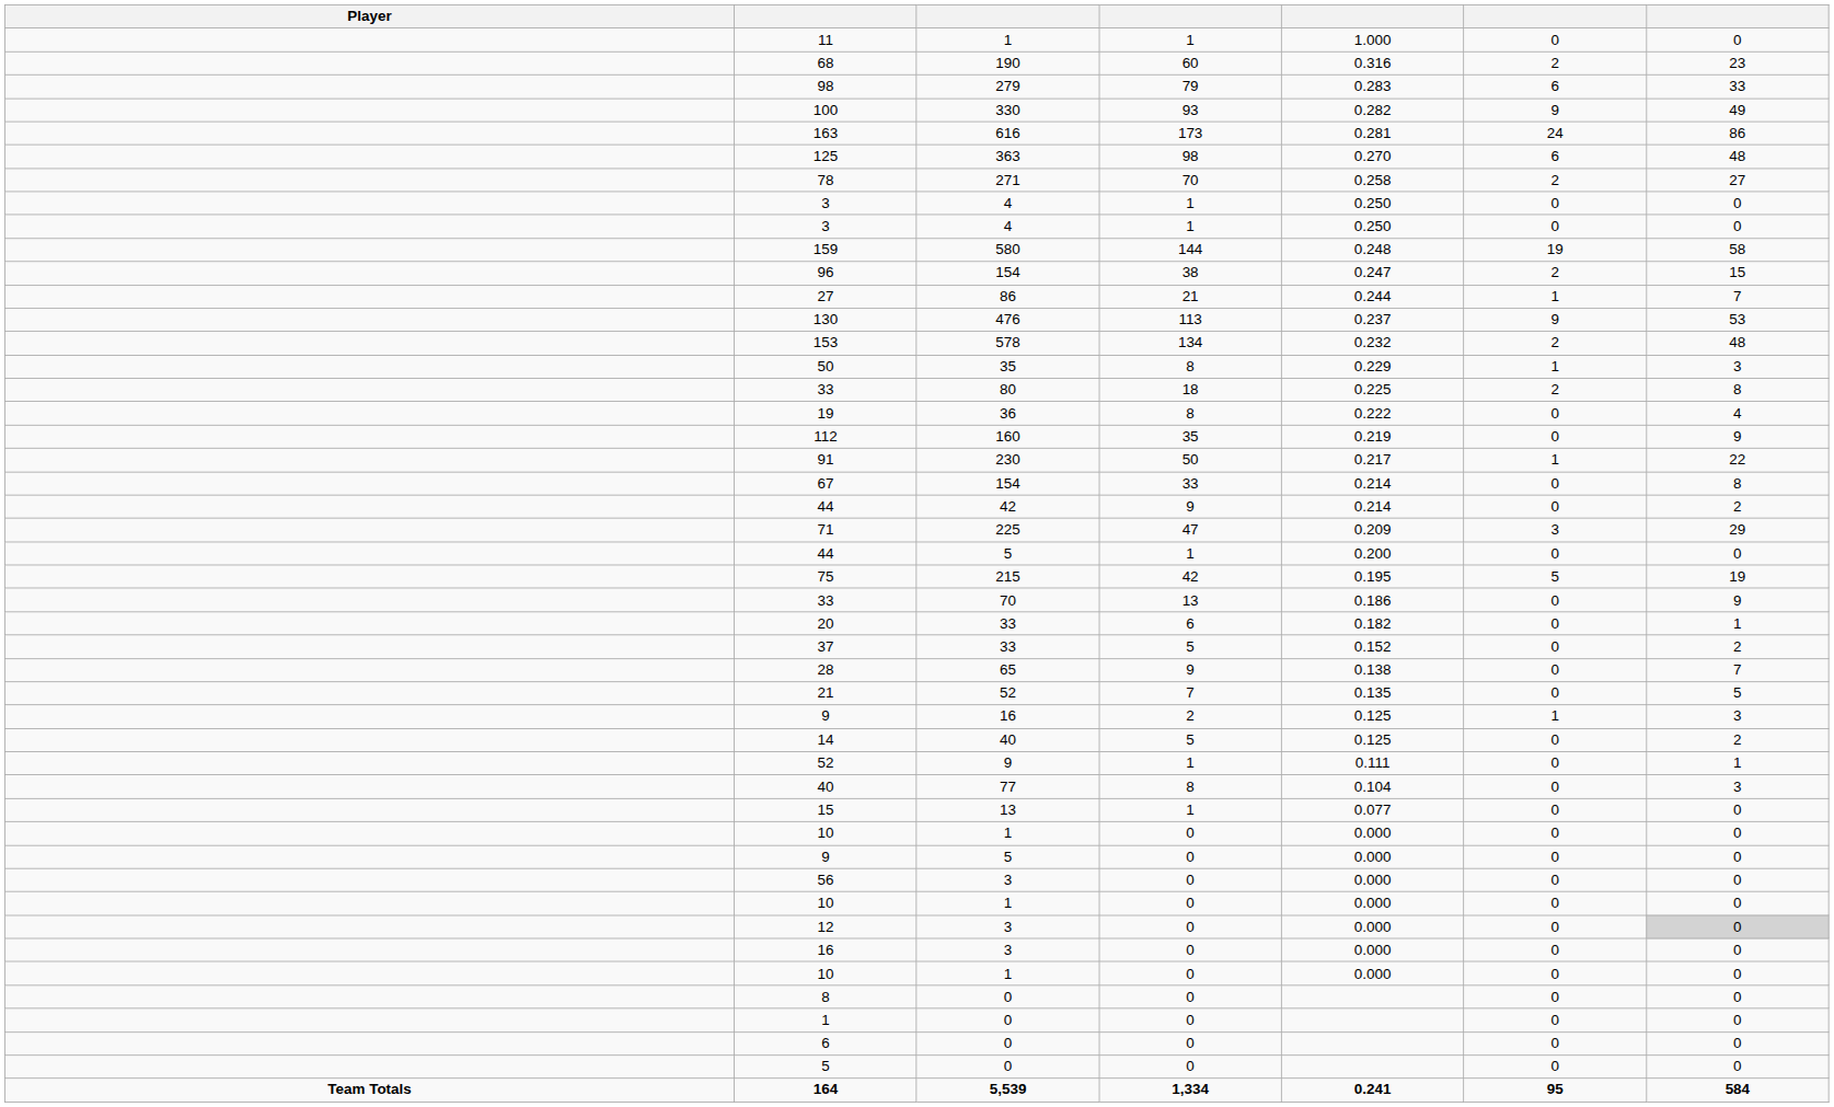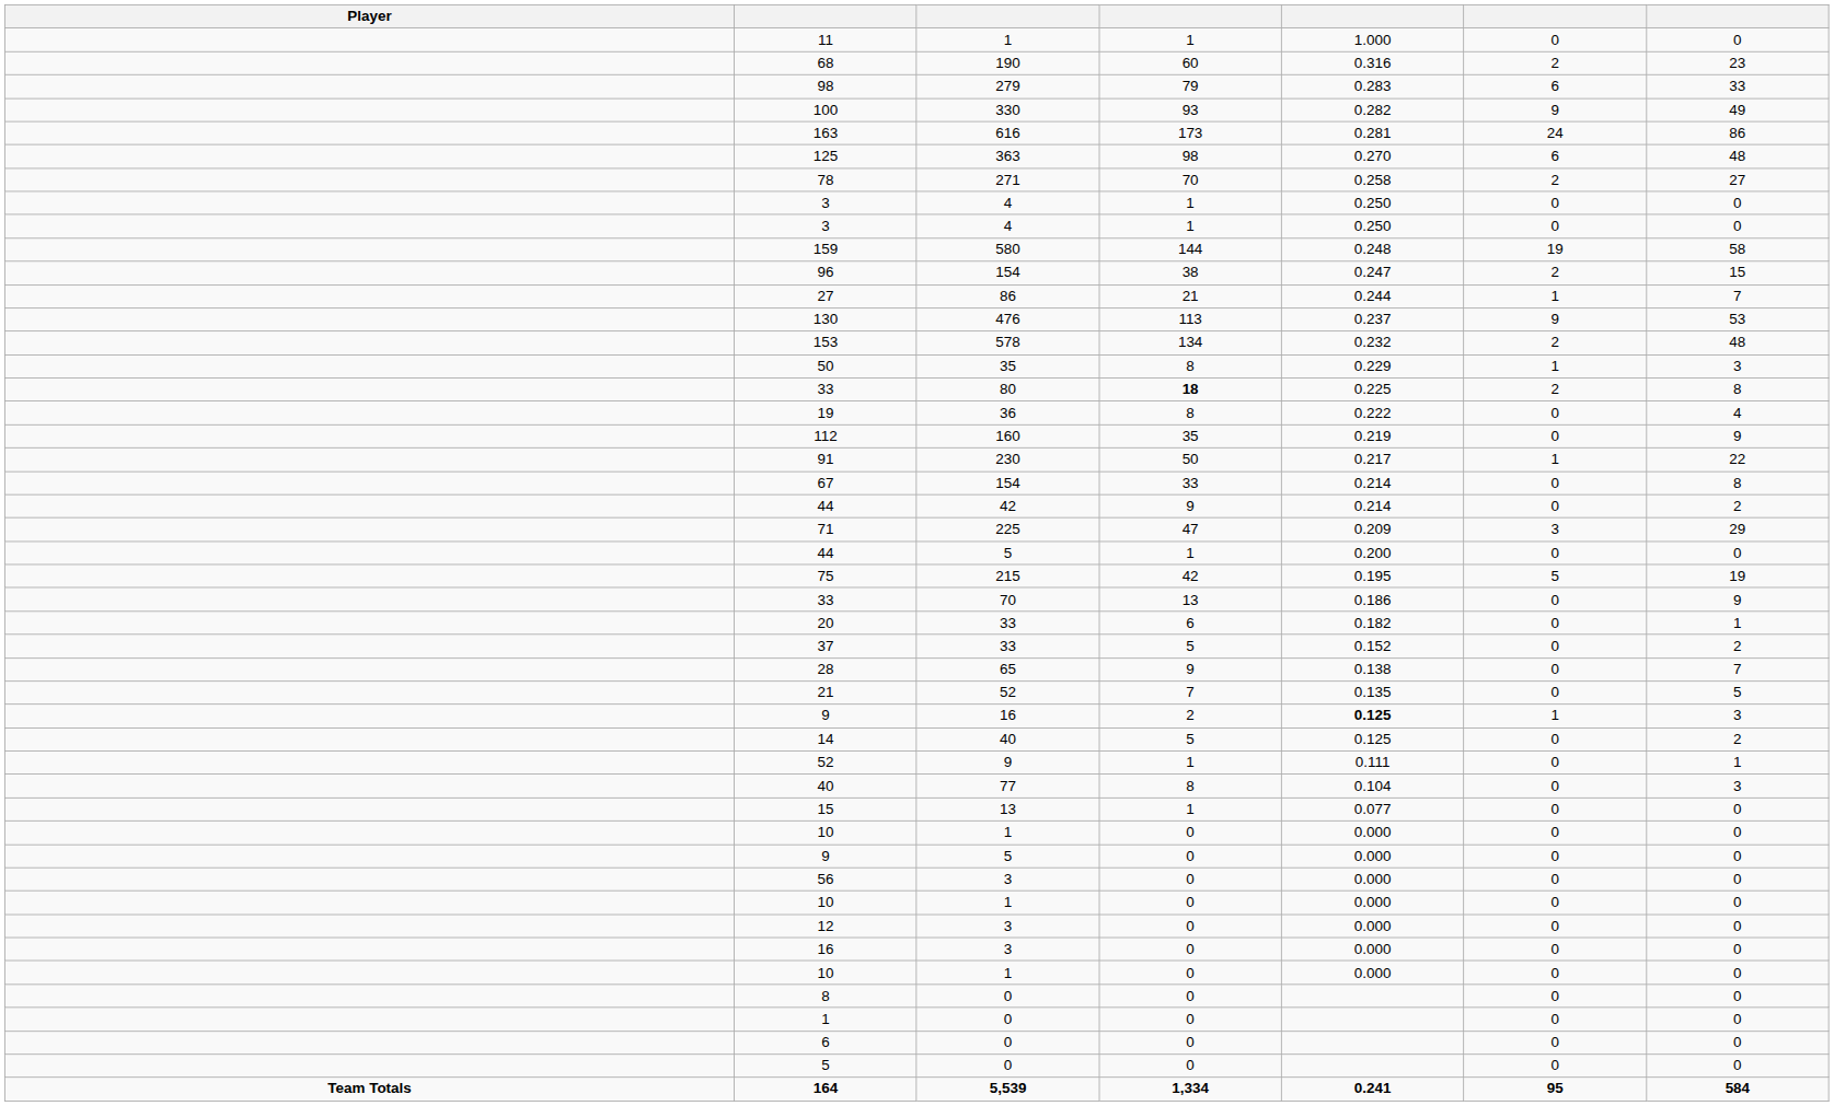 <table class="wikitable sortable" style="text-align:center;" width="100%">
 <tr>
 <th width="40%">Player</th>
 <th width="10%"></th>
 <th width="10%"></th>
 <th width="10%"></th>
 <th width="10%"></th>
 <th width="10%"></th>
 <th width="10%"></th>
 </tr>
 <tr>
 <td></td>
 <td>11</td>
 <td>1</td>
 <td>1</td>
 <td>1.000</td>
 <td>0</td>
 <td>0</td>
 </tr>
 <tr>
 <td></td>
 <td>68</td>
 <td>190</td>
 <td>60</td>
 <td>0.316</td>
 <td>2</td>
 <td>23</td>
 </tr>
 <tr>
 <td></td>
 <td>98</td>
 <td>279</td>
 <td>79</td>
 <td>0.283</td>
 <td>6</td>
 <td>33</td>
 </tr>
 <tr>
 <td></td>
 <td>100</td>
 <td>330</td>
 <td>93</td>
 <td>0.282</td>
 <td>9</td>
 <td>49</td>
 </tr>
 <tr>
 <td></td>
 <td>163</td>
 <td>616</td>
 <td>173</td>
 <td>0.281</td>
 <td>24</td>
 <td>86</td>
 </tr>
 <tr>
 <td></td>
 <td>125</td>
 <td>363</td>
 <td>98</td>
 <td>0.270</td>
 <td>6</td>
 <td>48</td>
 </tr>
 <tr>
 <td></td>
 <td>78</td>
 <td>271</td>
 <td>70</td>
 <td>0.258</td>
 <td>2</td>
 <td>27</td>
 </tr>
 <tr>
 <td></td>
 <td>3</td>
 <td>4</td>
 <td>1</td>
 <td>0.250</td>
 <td>0</td>
 <td>0</td>
 </tr>
 <tr>
 <td></td>
 <td>3</td>
 <td>4</td>
 <td>1</td>
 <td>0.250</td>
 <td>0</td>
 <td>0</td>
 </tr>
 <tr>
 <td></td>
 <td>159</td>
 <td>580</td>
 <td>144</td>
 <td>0.248</td>
 <td>19</td>
 <td>58</td>
 </tr>
 <tr>
 <td></td>
 <td>96</td>
 <td>154</td>
 <td>38</td>
 <td>0.247</td>
 <td>2</td>
 <td>15</td>
 </tr>
 <tr>
 <td></td>
 <td>27</td>
 <td>86</td>
 <td>21</td>
 <td>0.244</td>
 <td>1</td>
 <td>7</td>
 </tr>
 <tr>
 <td></td>
 <td>130</td>
 <td>476</td>
 <td>113</td>
 <td>0.237</td>
 <td>9</td>
 <td>53</td>
 </tr>
 <tr>
 <td></td>
 <td>153</td>
 <td>578</td>
 <td>134</td>
 <td>0.232</td>
 <td>2</td>
 <td>48</td>
 </tr>
 <tr>
 <td></td>
 <td>50</td>
 <td>35</td>
 <td>8</td>
 <td>0.229</td>
 <td>1</td>
 <td>3</td>
 </tr>
 <tr>
 <td></td>
 <td>33</td>
 <td>80</td>
-<td>18</td>
+<td><strong>18</strong></td>
 <td>0.225</td>
 <td>2</td>
 <td>8</td>
 </tr>
 <tr>
 <td></td>
 <td>19</td>
 <td>36</td>
 <td>8</td>
 <td>0.222</td>
 <td>0</td>
 <td>4</td>
 </tr>
 <tr>
 <td></td>
 <td>112</td>
 <td>160</td>
 <td>35</td>
 <td>0.219</td>
 <td>0</td>
 <td>9</td>
 </tr>
 <tr>
 <td></td>
 <td>91</td>
 <td>230</td>
 <td>50</td>
 <td>0.217</td>
 <td>1</td>
 <td>22</td>
 </tr>
 <tr>
 <td></td>
 <td>67</td>
 <td>154</td>
 <td>33</td>
 <td>0.214</td>
 <td>0</td>
 <td>8</td>
 </tr>
 <tr>
 <td></td>
 <td>44</td>
 <td>42</td>
 <td>9</td>
 <td>0.214</td>
 <td>0</td>
 <td>2</td>
 </tr>
 <tr>
 <td></td>
 <td>71</td>
 <td>225</td>
 <td>47</td>
 <td>0.209</td>
 <td>3</td>
 <td>29</td>
 </tr>
 <tr>
 <td></td>
 <td>44</td>
 <td>5</td>
 <td>1</td>
 <td>0.200</td>
 <td>0</td>
 <td>0</td>
 </tr>
 <tr>
 <td></td>
 <td>75</td>
 <td>215</td>
 <td>42</td>
 <td>0.195</td>
 <td>5</td>
 <td>19</td>
 </tr>
 <tr>
 <td></td>
 <td>33</td>
 <td>70</td>
 <td>13</td>
 <td>0.186</td>
 <td>0</td>
 <td>9</td>
 </tr>
 <tr>
 <td></td>
 <td>20</td>
 <td>33</td>
 <td>6</td>
 <td>0.182</td>
 <td>0</td>
 <td>1</td>
 </tr>
 <tr>
 <td></td>
 <td>37</td>
 <td>33</td>
 <td>5</td>
 <td>0.152</td>
 <td>0</td>
 <td>2</td>
 </tr>
 <tr>
 <td></td>
 <td>28</td>
 <td>65</td>
 <td>9</td>
 <td>0.138</td>
 <td>0</td>
 <td>7</td>
 </tr>
 <tr>
 <td></td>
 <td>21</td>
 <td>52</td>
 <td>7</td>
 <td>0.135</td>
 <td>0</td>
 <td>5</td>
 </tr>
 <tr>
 <td></td>
 <td>9</td>
 <td>16</td>
 <td>2</td>
-<td>0.125</td>
+<td><strong>0.125</strong></td>
 <td>1</td>
 <td>3</td>
 </tr>
 <tr>
 <td></td>
 <td>14</td>
 <td>40</td>
 <td>5</td>
 <td>0.125</td>
 <td>0</td>
 <td>2</td>
 </tr>
 <tr>
 <td></td>
 <td>52</td>
 <td>9</td>
 <td>1</td>
 <td>0.111</td>
 <td>0</td>
 <td>1</td>
 </tr>
 <tr>
 <td></td>
 <td>40</td>
 <td>77</td>
 <td>8</td>
 <td>0.104</td>
 <td>0</td>
 <td>3</td>
 </tr>
 <tr>
 <td></td>
 <td>15</td>
 <td>13</td>
 <td>1</td>
 <td>0.077</td>
 <td>0</td>
 <td>0</td>
 </tr>
 <tr>
 <td></td>
 <td>10</td>
 <td>1</td>
 <td>0</td>
 <td>0.000</td>
 <td>0</td>
 <td>0</td>
 </tr>
 <tr>
 <td></td>
 <td>9</td>
 <td>5</td>
 <td>0</td>
 <td>0.000</td>
 <td>0</td>
 <td>0</td>
 </tr>
 <tr>
 <td></td>
 <td>56</td>
 <td>3</td>
 <td>0</td>
 <td>0.000</td>
 <td>0</td>
 <td>0</td>
 </tr>
 <tr>
 <td></td>
 <td>10</td>
 <td>1</td>
 <td>0</td>
 <td>0.000</td>
 <td>0</td>
 <td>0</td>
 </tr>
 <tr>
 <td></td>
 <td>12</td>
 <td>3</td>
 <td>0</td>
 <td>0.000</td>
 <td>0</td>
-<td style="background: lightgrey;">0</td>
+<td>0</td>
 </tr>
 <tr>
 <td></td>
 <td>16</td>
 <td>3</td>
 <td>0</td>
 <td>0.000</td>
 <td>0</td>
 <td>0</td>
 </tr>
 <tr>
 <td></td>
 <td>10</td>
 <td>1</td>
 <td>0</td>
 <td>0.000</td>
 <td>0</td>
 <td>0</td>
 </tr>
 <tr>
 <td></td>
 <td>8</td>
 <td>0</td>
 <td>0</td>
 <td></td>
 <td>0</td>
 <td>0</td>
 </tr>
 <tr>
 <td></td>
 <td>1</td>
 <td>0</td>
 <td>0</td>
 <td></td>
 <td>0</td>
 <td>0</td>
 </tr>
 <tr>
 <td></td>
 <td>6</td>
 <td>0</td>
 <td>0</td>
 <td></td>
 <td>0</td>
 <td>0</td>
 </tr>
 <tr>
 <td></td>
 <td>5</td>
 <td>0</td>
 <td>0</td>
 <td></td>
 <td>0</td>
 <td>0</td>
 </tr>
 <tr>
 <td><strong>Team Totals</strong></td>
 <td><strong>164</strong></td>
 <td><strong>5,539</strong></td>
 <td><strong>1,334</strong></td>
 <td><strong>0.241</strong></td>
 <td><strong>95</strong></td>
 <td><strong>584</strong></td>
 </tr>
 </table>
